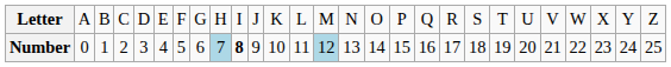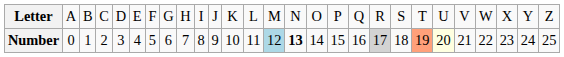 <table class="wikitable" style="text-align:center; font-size:90%;">
 <tr>
 <th>Letter</th>
 <td>A</td>
 <td>B</td>
 <td>C</td>
 <td>D</td>
 <td>E</td>
 <td>F</td>
 <td>G</td>
 <td>H</td>
 <td>I</td>
 <td>J</td>
 <td>K</td>
 <td>L</td>
 <td>M</td>
 <td>N</td>
 <td>O</td>
 <td>P</td>
 <td>Q</td>
 <td>R</td>
 <td>S</td>
 <td>T</td>
 <td>U</td>
 <td>V</td>
 <td>W</td>
 <td>X</td>
 <td>Y</td>
 <td>Z</td>
 </tr>
 <tr>
 <th>Number</th>
 <td>0</td>
 <td>1</td>
 <td>2</td>
 <td>3</td>
 <td>4</td>
 <td>5</td>
 <td>6</td>
-<td style="background: lightblue;">7</td>
-<td><strong>8</strong></td>
+<td>7</td>
+<td>8</td>
 <td>9</td>
 <td>10</td>
 <td>11</td>
 <td style="background: lightblue;">12</td>
-<td>13</td>
+<td><strong>13</strong></td>
 <td>14</td>
 <td>15</td>
 <td>16</td>
-<td>17</td>
+<td style="background: lightgrey;">17</td>
 <td>18</td>
-<td>19</td>
-<td>20</td>
+<td style="background: lightsalmon;">19</td>
+<td style="background: lightyellow;">20</td>
 <td>21</td>
 <td>22</td>
 <td>23</td>
 <td>24</td>
 <td>25</td>
 </tr>
 </table>
